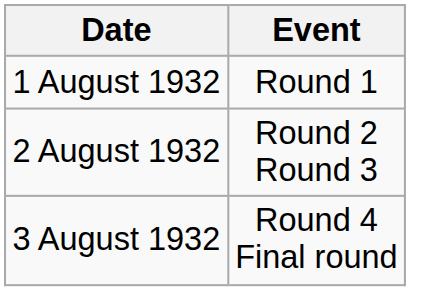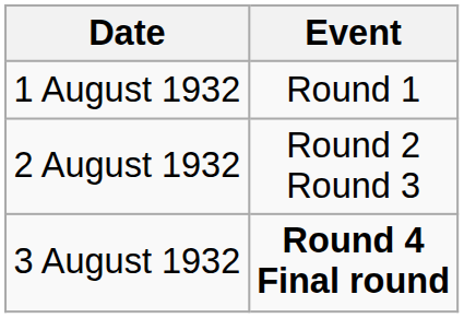 <table class = "wikitable" style="text-align:center;">
 <tr>
 <th>Date</th>
 <th>Event</th>
 </tr>
 <tr>
 <td>1 August 1932</td>
 <td>Round 1</td>
 </tr>
 <tr>
 <td>2 August 1932</td>
 <td>Round 2<br>Round 3</td>
 </tr>
 <tr>
 <td>3 August 1932</td>
-<td>Round 4<br>Final round</td>
+<td><strong>Round 4<br>Final round</strong></td>
 </tr>
 </table>
